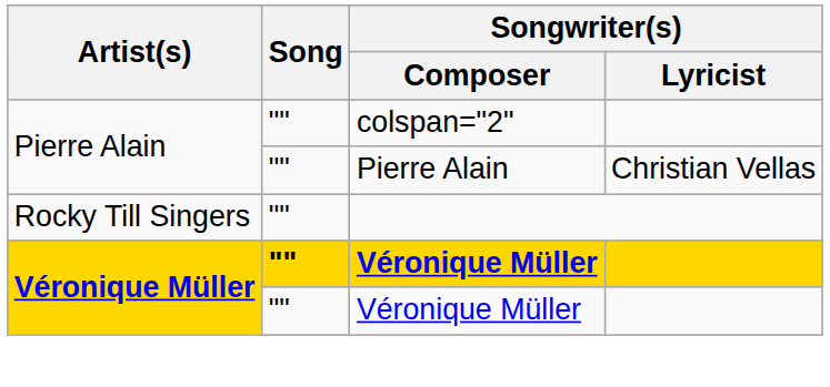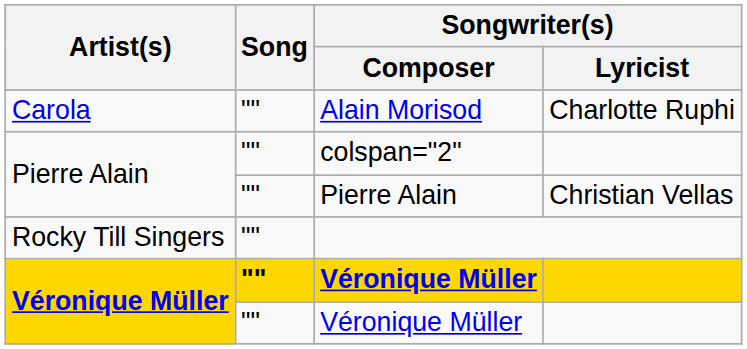 <table class="sortable wikitable" style="margin: 1em auto 1em auto; text-align:left">
 <tr>
 <th rowspan="2">Artist(s)</th>
 <th rowspan="2">Song</th>
 <th colspan="2">Songwriter(s)</th>
 </tr>
 <tr>
 <th>Composer</th>
 <th>Lyricist</th>
+</tr>
+<tr>
+<td><a href='#'>Carola</a></td>
+<td>""</td>
+<td><a href='#'>Alain Morisod</a></td>
+<td>Charlotte Ruphi</td>
 </tr>
 <tr>
 <td rowspan="2">Pierre Alain</td>
 <td>""</td>
 <td>colspan="2" </td>
 </tr>
 <tr>
 <td>""</td>
 <td>Pierre Alain</td>
 <td>Christian Vellas</td>
 </tr>
 <tr>
 <td>Rocky Till Singers</td>
 <td>""</td>
 <td colspan="2"></td>
 </tr>
 <tr style="font-weight:bold; background:gold;">
 <td rowspan="2"><a href='#'>Véronique Müller</a></td>
 <td>""</td>
 <td><a href='#'>Véronique Müller</a></td>
 <td></td>
 </tr>
 <tr>
 <td>""</td>
 <td><a href='#'>Véronique Müller</a></td>
 <td></td>
 </tr>
 </table>
